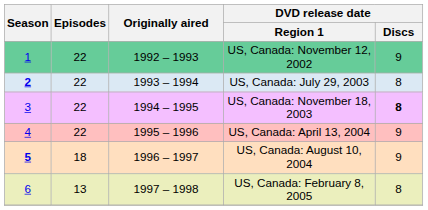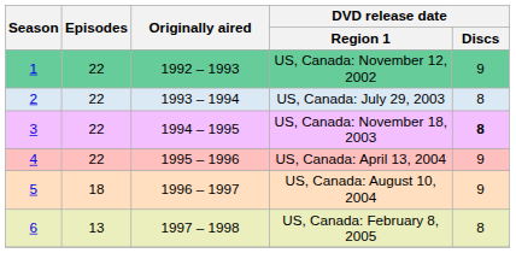 <table class="wikitable">
 <tr>
 <th rowspan="2">Season</th>
 <th rowspan="2">Episodes</th>
 <th style="width:150px;" rowspan="2">Originally aired</th>
 <th colspan="2" style="width:265px;">DVD release date</th>
 </tr>
 <tr>
 <th style="width:200px;">Region 1</th>
 <th>Discs</th>
 </tr>
 <tr>
 <td style="height:10px; background:#6c9; text-align:center;"><a href='#'>1</a></td>
 <td style="height:10px; background:#6c9; text-align:center;">22</td>
 <td style="height:10px; background:#6c9; text-align:center;">1992 – 1993</td>
 <td style="height:10px; background:#6c9; text-align:center;">US, Canada: November 12, 2002</td>
 <td style="height:10px; background:#6c9; text-align:center;">9</td>
 </tr>
 <tr>
-<td style="height:10px; background:#dbe9f4; text-align:center;"><strong><a href='#'>2</a></strong></td>
+<td style="height:10px; background:#dbe9f4; text-align:center;"><a href='#'>2</a></td>
 <td style="height:10px; background:#dbe9f4; text-align:center;">22</td>
 <td style="height:10px; background:#dbe9f4; text-align:center;">1993 – 1994</td>
 <td style="height:10px; background:#dbe9f4; text-align:center;">US, Canada: July 29, 2003</td>
 <td style="height:10px; background:#dbe9f4; text-align:center;">8</td>
 </tr>
 <tr>
 <td style="height:10px; background:#f4bfff; text-align:center;"><a href='#'>3</a></td>
 <td style="height:10px; background:#f4bfff; text-align:center;">22</td>
 <td style="height:10px; background:#f4bfff; text-align:center;">1994 – 1995</td>
 <td style="height:10px; background:#f4bfff; text-align:center;">US, Canada: November 18, 2003</td>
 <td style="height:10px; background:#f4bfff; text-align:center;"><strong>8</strong></td>
 </tr>
 <tr>
 <td style="height:10px; background:#ffbfbf; text-align:center;"><a href='#'>4</a></td>
 <td style="height:10px; background:#ffbfbf; text-align:center;">22</td>
 <td style="height:10px; background:#ffbfbf; text-align:center;">1995 – 1996</td>
 <td style="height:10px; background:#ffbfbf; text-align:center;">US, Canada: April 13, 2004</td>
 <td style="height:10px; background:#ffbfbf; text-align:center;">9</td>
 </tr>
 <tr>
-<td style="height:10px; background:#ffdfbf; text-align:center;"><strong><a href='#'>5</a></strong></td>
+<td style="height:10px; background:#ffdfbf; text-align:center;"><a href='#'>5</a></td>
 <td style="height:10px; background:#ffdfbf; text-align:center;">18</td>
 <td style="height:10px; background:#ffdfbf; text-align:center;">1996 – 1997</td>
 <td style="height:10px; background:#ffdfbf; text-align:center;">US, Canada: August 10, 2004</td>
 <td style="height:10px; background:#ffdfbf; text-align:center;">9</td>
 </tr>
 <tr>
 <td style="height:10px; background:#ebefbd; text-align:center;"><a href='#'>6</a></td>
 <td style="height:10px; background:#ebefbd; text-align:center;">13</td>
 <td style="height:10px; background:#ebefbd; text-align:center;">1997 – 1998</td>
 <td style="height:10px; background:#ebefbd; text-align:center;">US, Canada: February 8, 2005</td>
 <td style="height:10px; background:#ebefbd; text-align:center;">8</td>
 </tr>
 <tr>
 </tr>
 </table>
